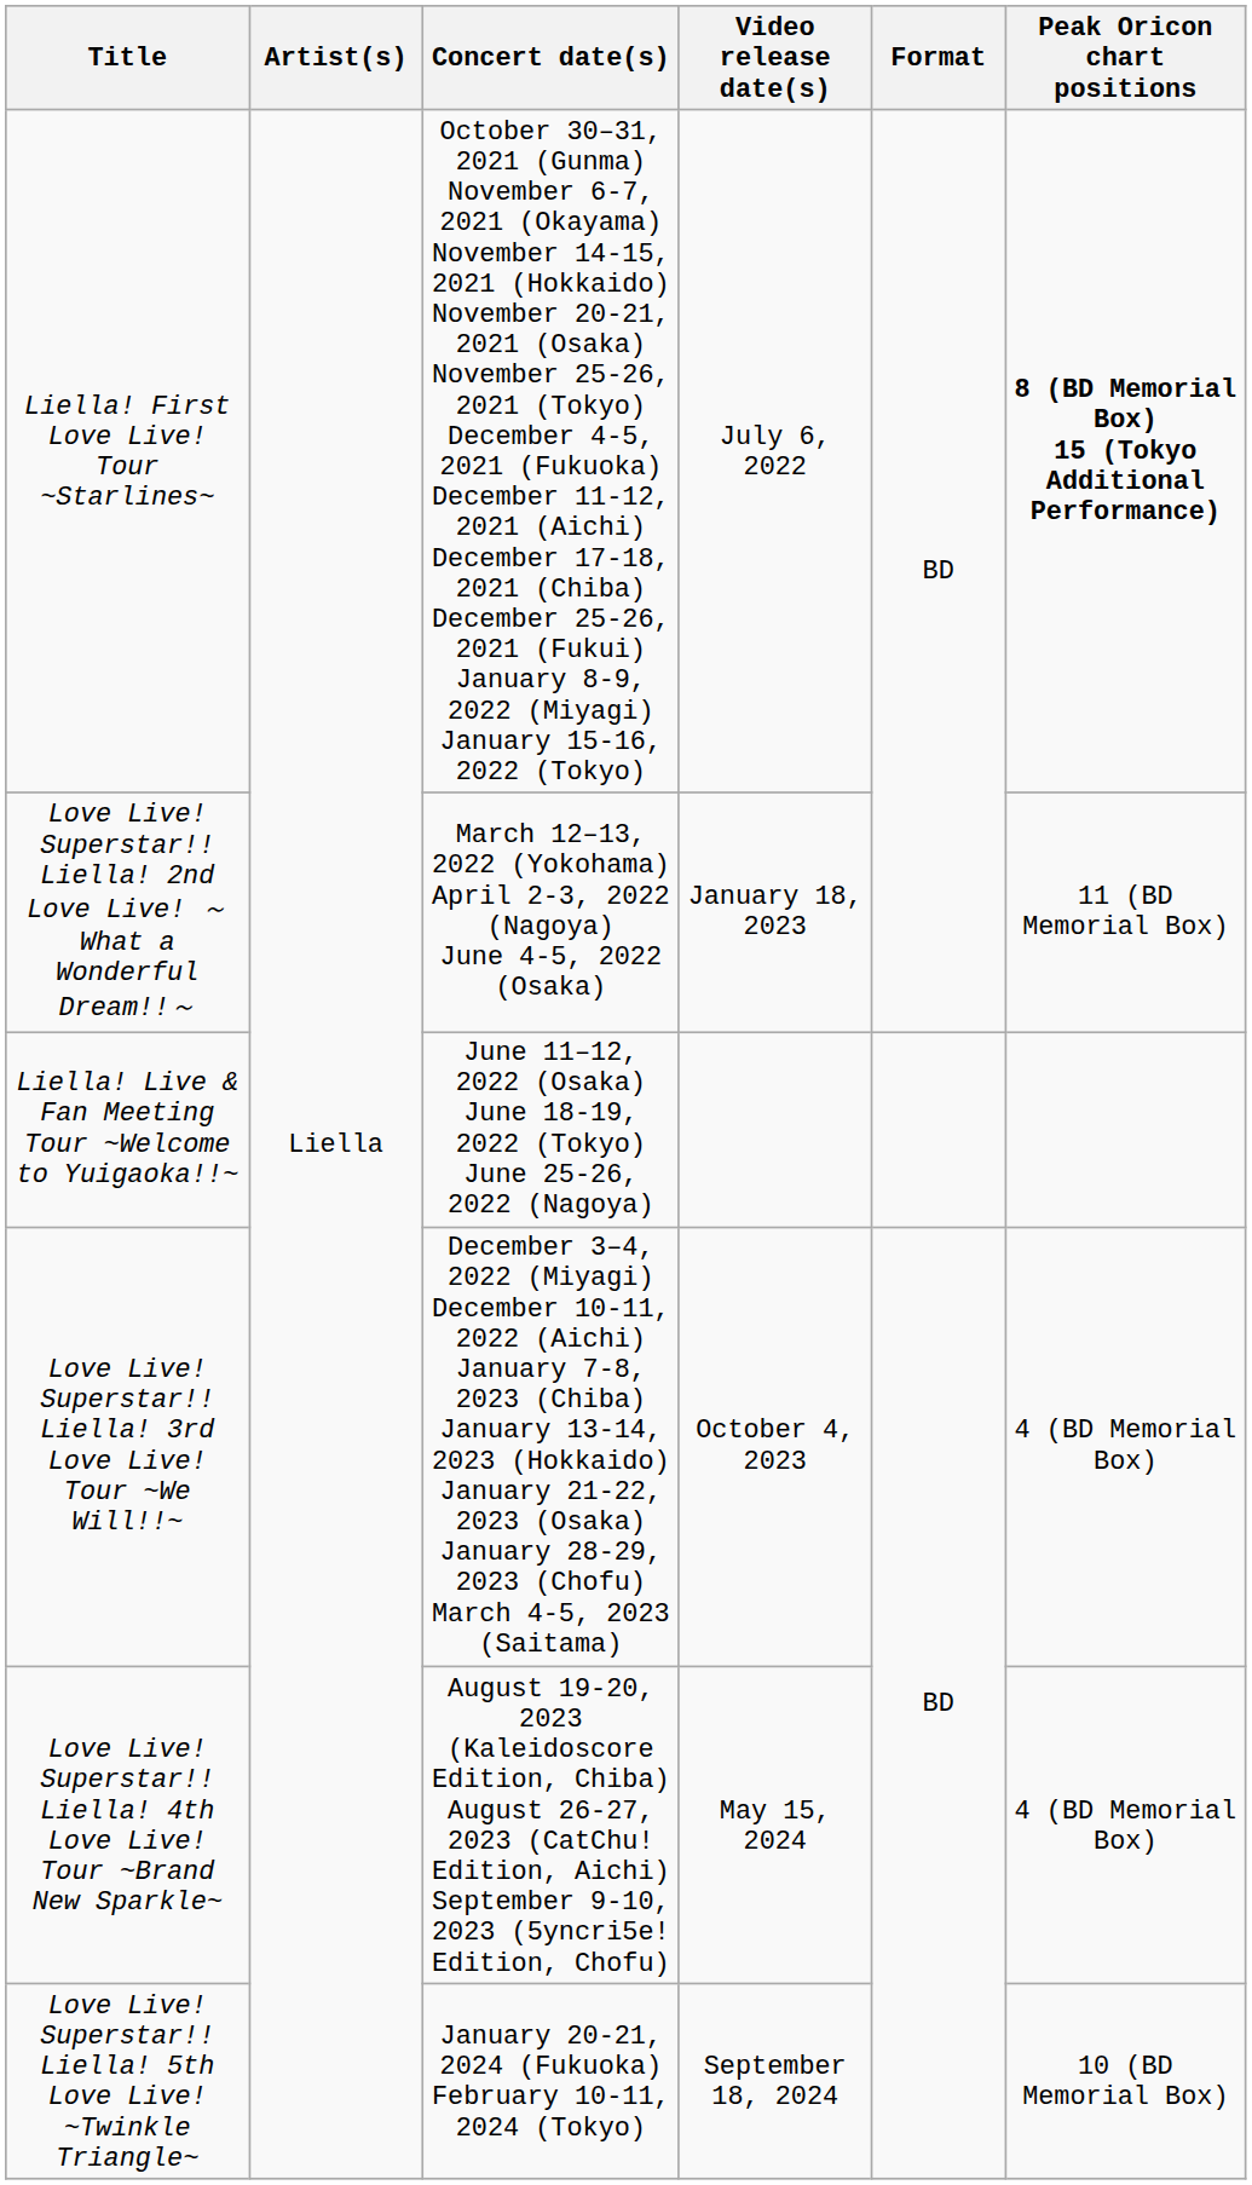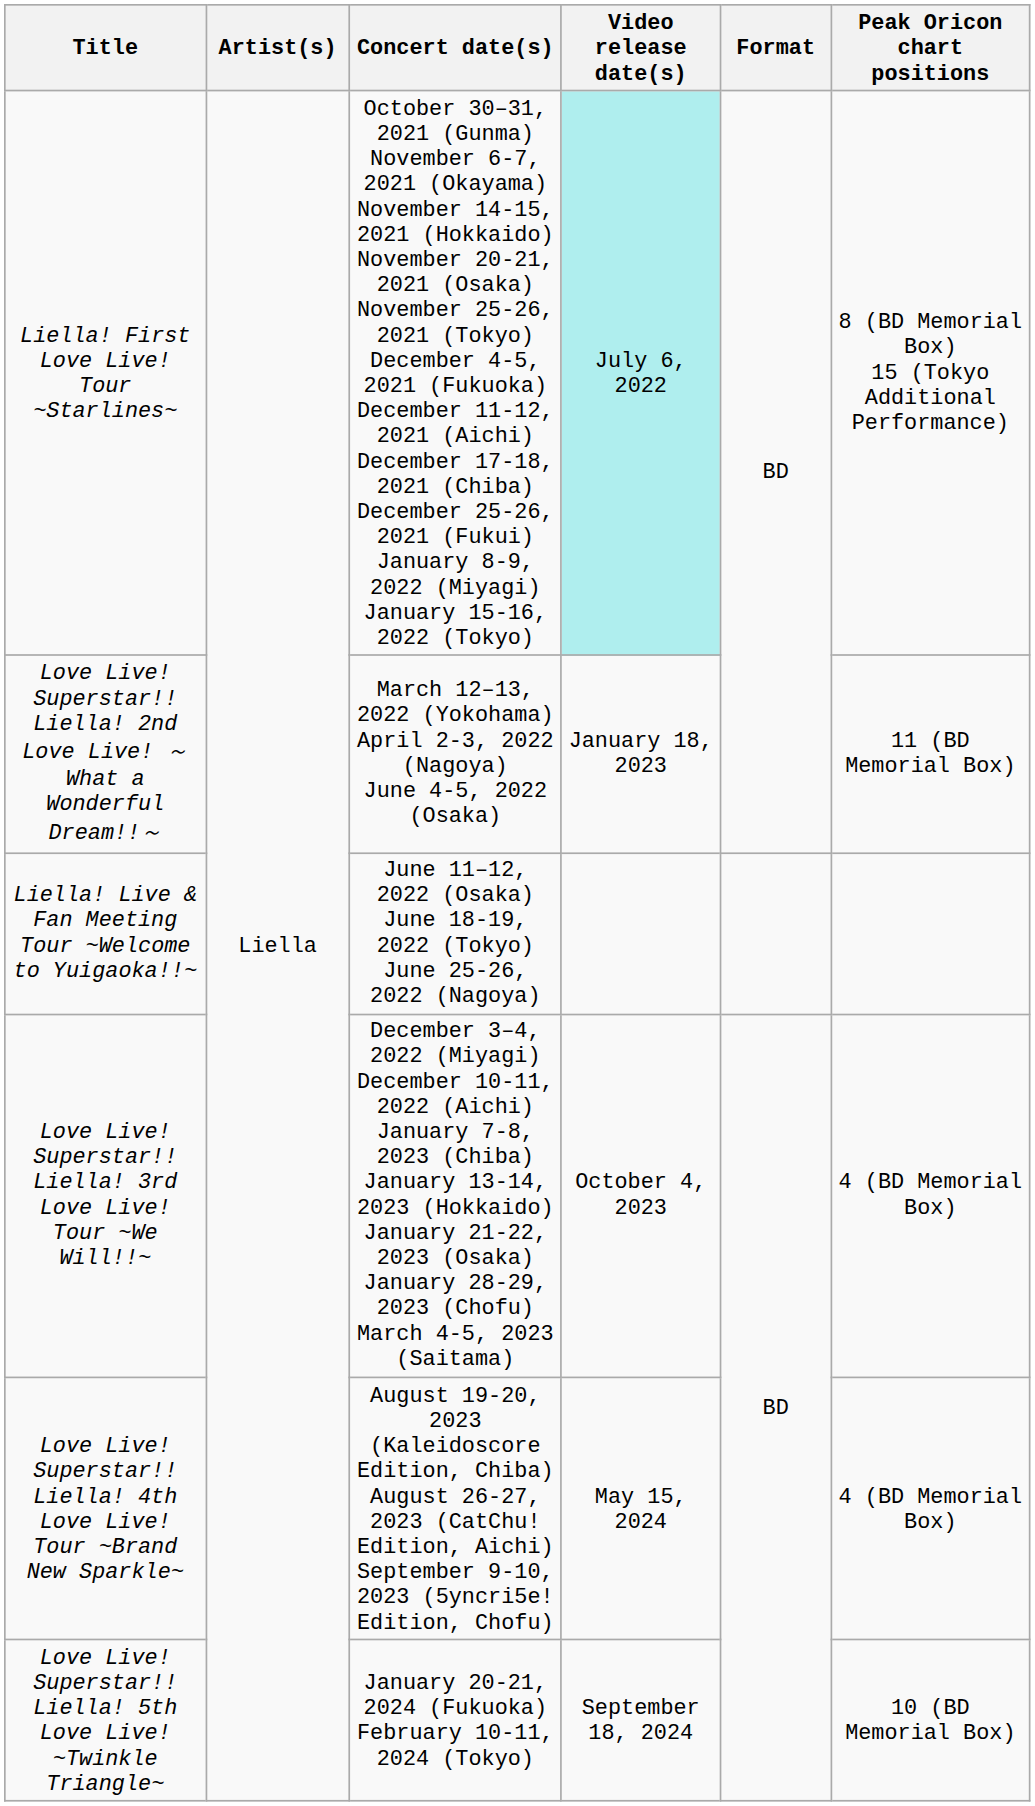 <table class="wikitable" style="text-align:center;">
 <tr>
 <th scope="col" rowspan="1" width="15%">Title</th>
 <th scope="col" rowspan="1" width="5%">Artist(s)</th>
 <th scope="col" colspan="1" width="10%">Concert date(s)</th>
 <th scope="col" colspan="1" width="10%">Video release date(s)</th>
 <th scope="col" colspan="1" width="7%">Format</th>
 <th scope="col" colspan="1" width="10%">Peak Oricon<br>chart positions</th>
 </tr>
 <tr>
 <td><em>Liella! First Love Live! Tour ~Starlines~</em></td>
 <td rowspan="6">Liella</td>
 <td>October 30–31, 2021 (Gunma)<br>November 6-7, 2021 (Okayama)<br>November 14-15, 2021 (Hokkaido)<br>November 20-21, 2021 (Osaka)<br>November 25-26, 2021 (Tokyo)<br>December 4-5, 2021 (Fukuoka)<br>December 11-12, 2021 (Aichi)<br>December 17-18, 2021 (Chiba)<br>December 25-26, 2021 (Fukui)<br>January 8-9, 2022 (Miyagi)<br>January 15-16, 2022 (Tokyo)</td>
-<td>July 6, 2022</td>
+<td style="background: paleturquoise;">July 6, 2022</td>
 <td rowspan="2">BD</td>
-<td><strong>8 (BD Memorial Box)<br>15 (Tokyo Additional Performance)</strong></td>
+<td>8 (BD Memorial Box)<br>15 (Tokyo Additional Performance)</td>
 </tr>
 <tr>
 <td><em>Love Live! Superstar!! Liella! 2nd Love Live! ～What a Wonderful Dream!!～</em></td>
 <td>March 12–13, 2022 (Yokohama)<br>April 2-3, 2022 (Nagoya)<br>June 4-5, 2022 (Osaka)</td>
 <td>January 18, 2023</td>
 <td>11 (BD Memorial Box)</td>
 </tr>
 <tr>
 <td><em>Liella! Live & Fan Meeting Tour ~Welcome to Yuigaoka!!~</em></td>
 <td>June 11–12, 2022 (Osaka)<br>June 18-19, 2022 (Tokyo)<br>June 25-26, 2022 (Nagoya)</td>
 <td></td>
 <td></td>
 <td></td>
 </tr>
 <tr>
 <td><em>Love Live! Superstar!! Liella! 3rd Love Live! Tour ~We Will!!~</em></td>
 <td>December 3–4, 2022 (Miyagi)<br>December 10-11, 2022 (Aichi)<br>January 7-8, 2023 (Chiba)<br>January 13-14, 2023 (Hokkaido)<br>January 21-22, 2023 (Osaka)<br>January 28-29, 2023 (Chofu)<br>March 4-5, 2023 (Saitama)</td>
 <td>October 4, 2023</td>
 <td rowspan="3">BD</td>
 <td>4 (BD Memorial Box)</td>
 </tr>
 <tr>
 <td><em>Love Live! Superstar!! Liella! 4th Love Live! Tour ~Brand New Sparkle~</em></td>
 <td>August 19-20, 2023 (Kaleidoscore Edition, Chiba)<br>August 26-27, 2023 (CatChu! Edition, Aichi)<br>September 9-10, 2023 (5yncri5e! Edition, Chofu)</td>
 <td>May 15, 2024</td>
 <td>4 (BD Memorial Box)</td>
 </tr>
 <tr>
 <td><em>Love Live! Superstar!! Liella! 5th Love Live! ~Twinkle Triangle~ </em></td>
 <td>January 20-21, 2024 (Fukuoka)<br>February 10-11, 2024 (Tokyo)</td>
 <td>September 18, 2024</td>
 <td>10 (BD Memorial Box)</td>
 </tr>
 </table>
